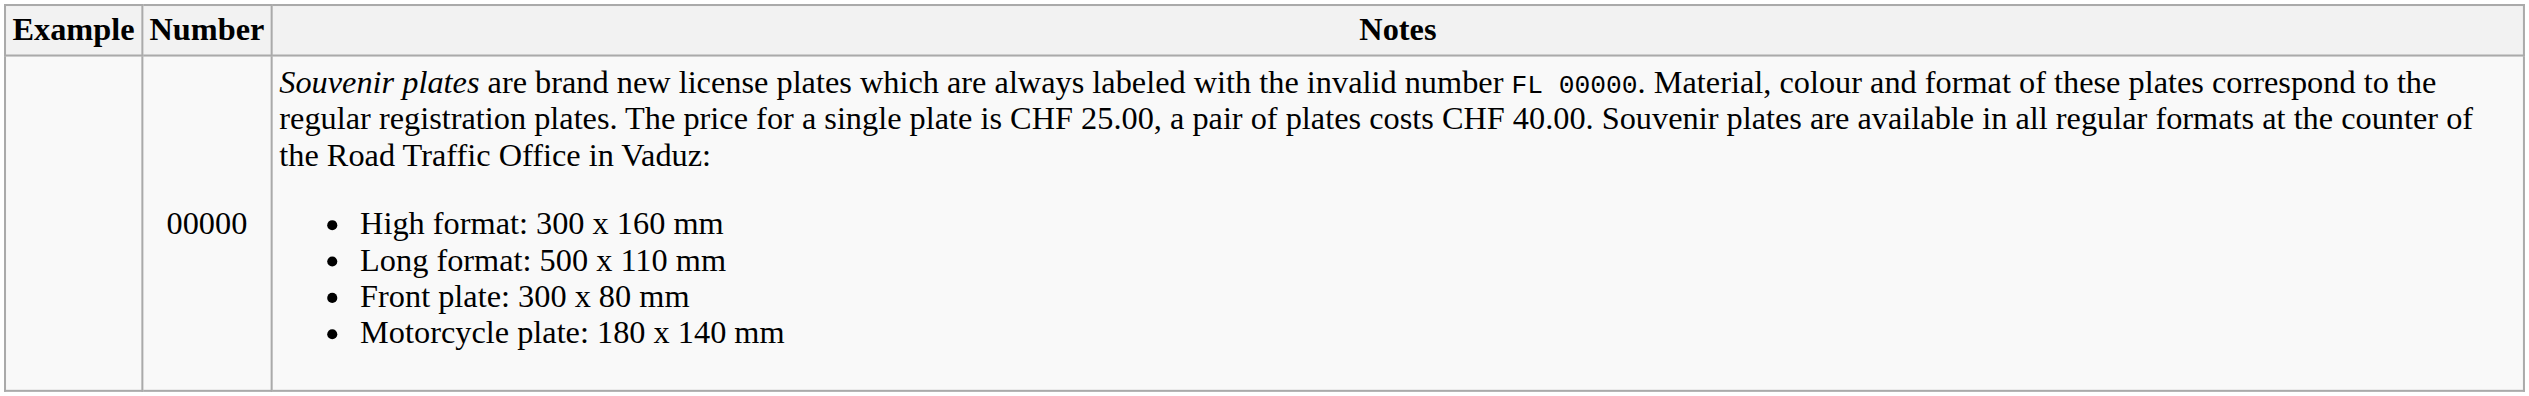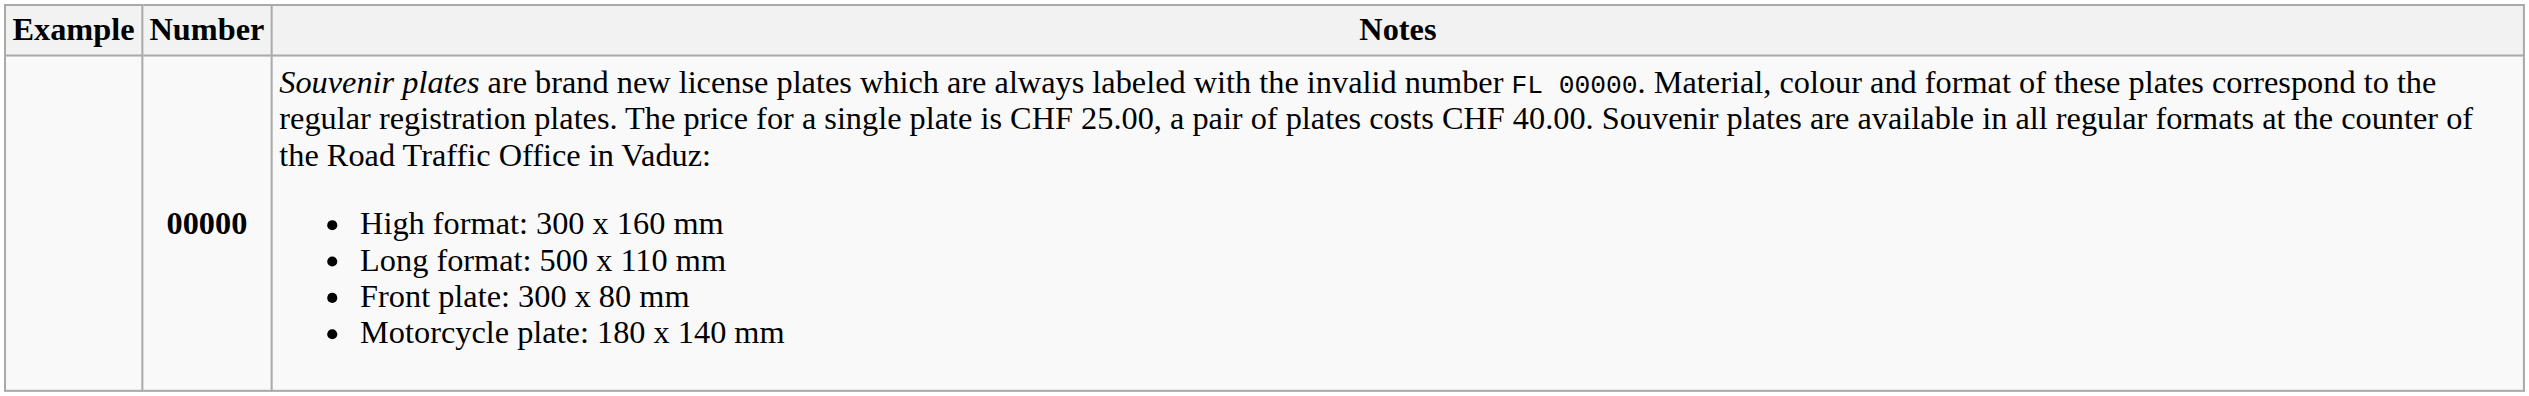 <table class="wikitable" style="text-align:center;">
 <tr>
 <th>Example</th>
 <th>Number</th>
 <th>Notes</th>
 </tr>
 <tr>
 <td><br><br><br></td>
-<td>00000</td>
+<td><strong>00000</strong></td>
 <td style="text-align:left;"><em>Souvenir plates</em> are brand new license plates which are always labeled with the invalid number <code>FL 00000</code>. Material, colour and format of these plates correspond to the regular registration plates. The price for a single plate is CHF 25.00, a pair of plates costs CHF 40.00. Souvenir plates are available in all regular formats at the counter of the Road Traffic Office in Vaduz:<br><ul><li>High format: 300 x 160 mm</li><li>Long format: 500 x 110 mm</li><li>Front plate: 300 x 80 mm</li><li>Motorcycle plate: 180 x 140 mm</li></ul></td>
 </tr>
 </table>
